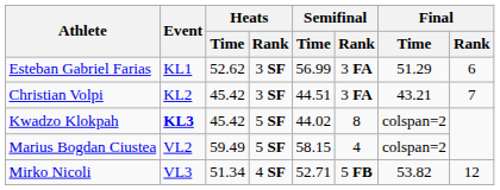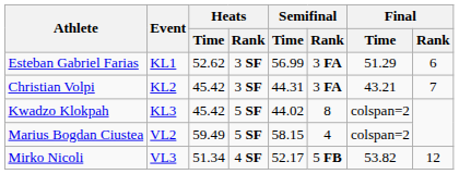 <table class="wikitable" style="font-size:90%">
 <tr>
 <th rowspan="2">Athlete</th>
 <th rowspan="2">Event</th>
 <th colspan="2">Heats</th>
 <th colspan="2">Semifinal</th>
 <th colspan="2">Final</th>
 </tr>
 <tr>
 <th>Time</th>
 <th>Rank</th>
 <th>Time</th>
 <th>Rank</th>
 <th>Time</th>
 <th>Rank</th>
 </tr>
 <tr align=center>
 <td align=left><a href='#'>Esteban Gabriel Farias</a></td>
 <td align=left><a href='#'>KL1</a></td>
 <td>52.62</td>
 <td>3 <strong>SF</strong></td>
 <td>56.99</td>
 <td>3 <strong>FA</strong></td>
 <td>51.29</td>
 <td>6</td>
 </tr>
 <tr align=center>
 <td align=left><a href='#'>Christian Volpi</a></td>
 <td align=left><a href='#'>KL2</a></td>
 <td>45.42</td>
 <td>3 <strong>SF</strong></td>
-<td>44.51</td>
+<td>44.31</td>
 <td>3 <strong>FA</strong></td>
 <td>43.21</td>
 <td>7</td>
 </tr>
 <tr align=center>
 <td align=left><a href='#'>Kwadzo Klokpah</a></td>
-<td align=left><strong><a href='#'>KL3</a></strong></td>
+<td align=left><a href='#'>KL3</a></td>
 <td>45.42</td>
 <td>5 <strong>SF</strong></td>
 <td>44.02</td>
 <td>8</td>
 <td>colspan=2 </td>
 </tr>
 <tr align=center>
 <td align=left><a href='#'>Marius Bogdan Ciustea</a></td>
 <td align=left><a href='#'>VL2</a></td>
 <td>59.49</td>
 <td>5 <strong>SF</strong></td>
 <td>58.15</td>
 <td>4</td>
 <td>colspan=2 </td>
 </tr>
 <tr align=center>
 <td align=left><a href='#'>Mirko Nicoli</a></td>
 <td align=left><a href='#'>VL3</a></td>
 <td>51.34</td>
 <td>4 <strong>SF</strong></td>
-<td>52.71</td>
+<td>52.17</td>
 <td>5 <strong>FB</strong></td>
 <td>53.82</td>
 <td>12</td>
 </tr>
 </table>
